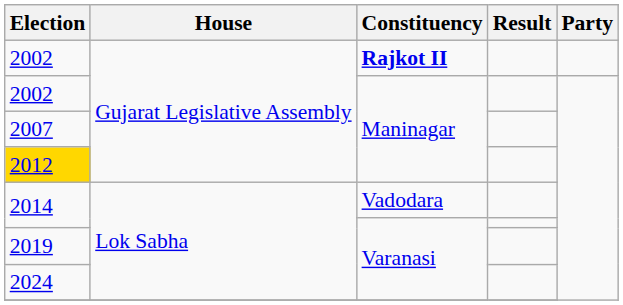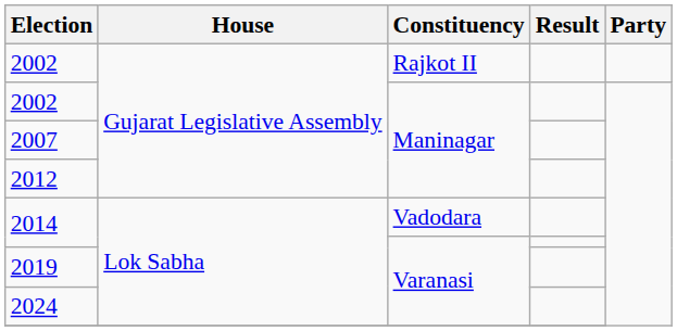 <table class="wikitable"style="font-size:95%; text-align:left;">
 <tr style="background:#efefef;">
 <th>Election</th>
 <th>House</th>
 <th>Constituency</th>
 <th>Result</th>
 <th colspan="2">Party</th>
 </tr>
 <tr>
 <td><a href='#'>2002</a></td>
 <td rowspan="4"><a href='#'>Gujarat Legislative Assembly</a></td>
-<td><strong><a href='#'>Rajkot II</a></strong></td>
+<td><a href='#'>Rajkot II</a></td>
 <td></td>
 <td></td>
 </tr>
 <tr>
 <td><a href='#'>2002</a></td>
 <td rowspan="3"><a href='#'>Maninagar</a></td>
 <td></td>
 </tr>
 <tr>
 <td><a href='#'>2007</a></td>
 <td></td>
 </tr>
 <tr>
-<td style="background: gold;"><a href='#'>2012</a></td>
+<td><a href='#'>2012</a></td>
 <td></td>
 </tr>
 <tr>
 <td rowspan="2"><a href='#'>2014</a></td>
 <td rowspan="4"><a href='#'>Lok Sabha</a></td>
 <td><a href='#'>Vadodara</a></td>
 <td></td>
 </tr>
 <tr>
 <td rowspan="3"><a href='#'>Varanasi</a></td>
 <td></td>
 </tr>
 <tr>
 <td><a href='#'>2019</a></td>
 <td></td>
 </tr>
 <tr>
 <td><a href='#'>2024</a></td>
 <td></td>
 </tr>
 <tr>
 </tr>
 </table>
